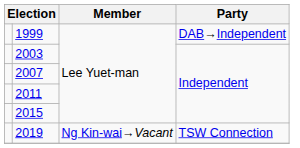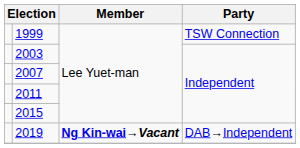 <table class="wikitable">
 <tr>
 <th colspan="2">Election</th>
 <th>Member</th>
 <th>Party</th>
 </tr>
 <tr>
 <td style="color:inherit;background:"></td>
 <td><a href='#'>1999</a></td>
 <td rowspan=5>Lee Yuet-man</td>
-<td><a href='#'>DAB</a>→<a href='#'>Independent</a></td>
+<td><a href='#'>TSW Connection</a></td>
 </tr>
 <tr>
 <td style="color:inherit;background:"></td>
 <td><a href='#'>2003</a></td>
 <td rowspan=4><a href='#'>Independent</a></td>
 </tr>
 <tr>
 <td style="color:inherit;background:"></td>
 <td><a href='#'>2007</a></td>
 </tr>
 <tr>
 <td style="color:inherit;background:"></td>
 <td><a href='#'>2011</a></td>
 </tr>
 <tr>
 <td style="color:inherit;background:"></td>
 <td><a href='#'>2015</a></td>
 </tr>
 <tr>
 <td style="color:inherit;background:"></td>
 <td><a href='#'>2019</a></td>
-<td><a href='#'>Ng Kin-wai</a>→<em>Vacant</em></td>
-<td><a href='#'>TSW Connection</a></td>
+<td><strong><a href='#'>Ng Kin-wai</a>→<em>Vacant</em></strong></td>
+<td><a href='#'>DAB</a>→<a href='#'>Independent</a></td>
 </tr>
 <tr>
 </tr>
 </table>
